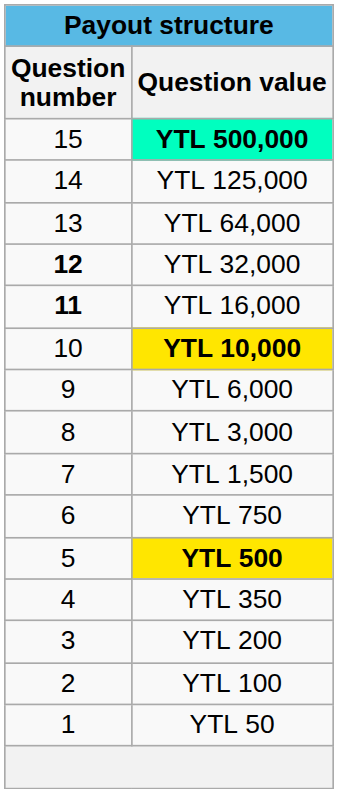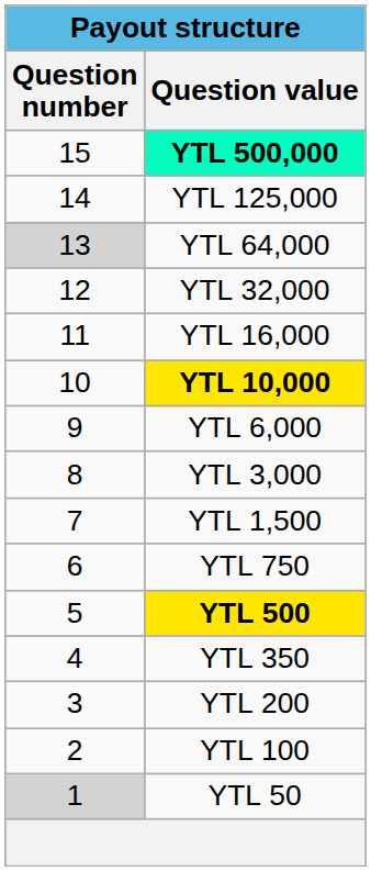 <table class="wikitable" style="text-align:center;">
 <tr>
 <th colspan="2" style="background: #58B9E4">Payout structure</th>
 </tr>
 <tr>
 <th>Question<br>number</th>
 <th>Question value</th>
 </tr>
 <tr>
 <td>15</td>
 <td style="background: #00FFBF"><strong>YTL 500,000</strong></td>
 </tr>
 <tr>
 <td>14</td>
 <td>YTL 125,000</td>
 </tr>
 <tr>
-<td>13</td>
+<td style="background: lightgrey;">13</td>
 <td>YTL 64,000</td>
 </tr>
 <tr>
-<td><strong>12</strong></td>
+<td>12</td>
 <td>YTL 32,000</td>
 </tr>
 <tr>
-<td><strong>11</strong></td>
+<td>11</td>
 <td>YTL 16,000</td>
 </tr>
 <tr>
 <td>10</td>
 <td style="background: #FFE600"><strong>YTL 10,000</strong></td>
 </tr>
 <tr>
 <td>9</td>
 <td>YTL 6,000</td>
 </tr>
 <tr>
 <td>8</td>
 <td>YTL 3,000</td>
 </tr>
 <tr>
 <td>7</td>
 <td>YTL 1,500</td>
 </tr>
 <tr>
 <td>6</td>
 <td>YTL 750</td>
 </tr>
 <tr>
 <td>5</td>
 <td style="background: #FFE600"><strong>YTL 500</strong></td>
 </tr>
 <tr>
 <td>4</td>
 <td>YTL 350</td>
 </tr>
 <tr>
 <td>3</td>
 <td>YTL 200</td>
 </tr>
 <tr>
 <td>2</td>
 <td>YTL 100</td>
 </tr>
 <tr>
-<td>1</td>
+<td style="background: lightgrey;">1</td>
 <td>YTL 50</td>
 </tr>
 <tr>
 <th colspan="2" style="text-align:left"><br></th>
 </tr>
 </table>
